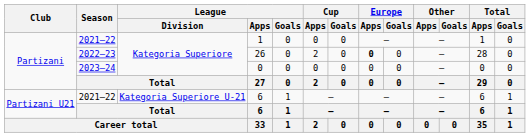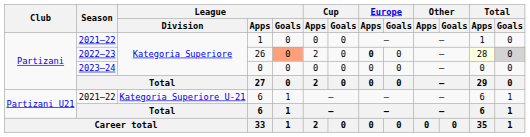 <table class="wikitable" style="text-align:center">
 <tr>
 <th rowspan="2">Club</th>
 <th rowspan="2">Season</th>
 <th colspan="3">League</th>
 <th colspan="2">Cup</th>
 <th colspan="2"><a href='#'>Europe</a></th>
 <th colspan="2">Other</th>
 <th colspan="2">Total</th>
 </tr>
 <tr>
 <th>Division</th>
 <th>Apps</th>
 <th>Goals</th>
 <th>Apps</th>
 <th>Goals</th>
 <th>Apps</th>
 <th>Goals</th>
 <th>Apps</th>
 <th>Goals</th>
 <th>Apps</th>
 <th>Goals</th>
 </tr>
 <tr>
 <td rowspan="4" valign="center"><a href='#'>Partizani</a></td>
 <td><a href='#'>2021–22</a></td>
 <td rowspan="3" valign="center"><a href='#'>Kategoria Superiore</a></td>
 <td>1</td>
 <td>0</td>
 <td>0</td>
 <td>0</td>
 <td colspan="2">—</td>
 <td colspan="2">—</td>
 <td>1</td>
 <td>0</td>
 </tr>
 <tr>
 <td><a href='#'>2022–23</a></td>
 <td>26</td>
-<td>0</td>
+<td style="background: lightsalmon;">0</td>
 <td>2</td>
 <td>0</td>
 <td><strong>0</strong></td>
 <td>0</td>
 <td colspan="2">—</td>
-<td>28</td>
-<td>0</td>
+<td style="background: lightyellow;">28</td>
+<td style="background: lightgrey;">0</td>
 </tr>
 <tr>
 <td><a href='#'>2023–24</a></td>
 <td>0</td>
 <td>0</td>
 <td>0</td>
 <td>0</td>
 <td>0</td>
 <td>0</td>
 <td colspan="2">—</td>
 <td>0</td>
 <td>0</td>
 </tr>
 <tr>
 <th colspan="2">Total</th>
 <th>27</th>
 <th>0</th>
 <th>2</th>
 <th>0</th>
 <th>0</th>
 <th>0</th>
 <th colspan="2">—</th>
 <th>29</th>
 <th>0</th>
 </tr>
 <tr>
 <td rowspan="2" valign="center"><a href='#'>Partizani U21</a></td>
 <td>2021–22</td>
 <td rowspan="1" valign="center"><a href='#'>Kategoria Superiore U-21</a></td>
 <td>6</td>
 <td>1</td>
 <td colspan="2">—</td>
 <td colspan="2">—</td>
 <td colspan="2">—</td>
 <td>6</td>
 <td>1</td>
 </tr>
 <tr>
 <th colspan="2">Total</th>
 <th>6</th>
 <th>1</th>
 <th colspan="2">—</th>
 <th colspan="2">—</th>
 <th colspan="2">—</th>
 <th>6</th>
 <th>1</th>
 </tr>
 <tr>
 <th colspan="3">Career total</th>
 <th>33</th>
 <th>1</th>
 <th>2</th>
 <th>0</th>
 <th>0</th>
 <th>0</th>
 <th>0</th>
 <th>0</th>
 <th>35</th>
 <th>1</th>
 </tr>
 </table>
